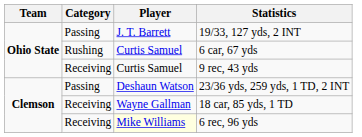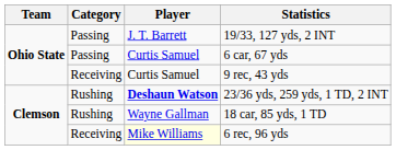 <table class="wikitable">
 <tr>
 <th>Team</th>
 <th>Category</th>
 <th>Player</th>
 <th>Statistics</th>
 </tr>
 <tr>
 <td rowspan=3 style="text-align:center; "><strong>Ohio State</strong></td>
 <td>Passing</td>
 <td><a href='#'>J. T. Barrett</a></td>
 <td>19/33, 127 yds, 2 INT</td>
 </tr>
 <tr>
-<td>Rushing</td>
+<td>Passing</td>
 <td><a href='#'>Curtis Samuel</a></td>
 <td>6 car, 67 yds</td>
 </tr>
 <tr>
 <td>Receiving</td>
 <td>Curtis Samuel</td>
 <td>9 rec, 43 yds</td>
 </tr>
 <tr>
 <td rowspan=3 style="text-align:center; "><strong>Clemson</strong></td>
-<td>Passing</td>
-<td><a href='#'>Deshaun Watson</a></td>
+<td>Rushing</td>
+<td><strong><a href='#'>Deshaun Watson</a></strong></td>
 <td>23/36 yds, 259 yds, 1 TD, 2 INT</td>
 </tr>
 <tr>
-<td>Receiving</td>
+<td>Rushing</td>
 <td><a href='#'>Wayne Gallman</a></td>
 <td>18 car, 85 yds, 1 TD</td>
 </tr>
 <tr>
 <td>Receiving</td>
 <td style="background: lightyellow;"><a href='#'>Mike Williams</a></td>
 <td>6 rec, 96 yds</td>
 </tr>
 </table>
